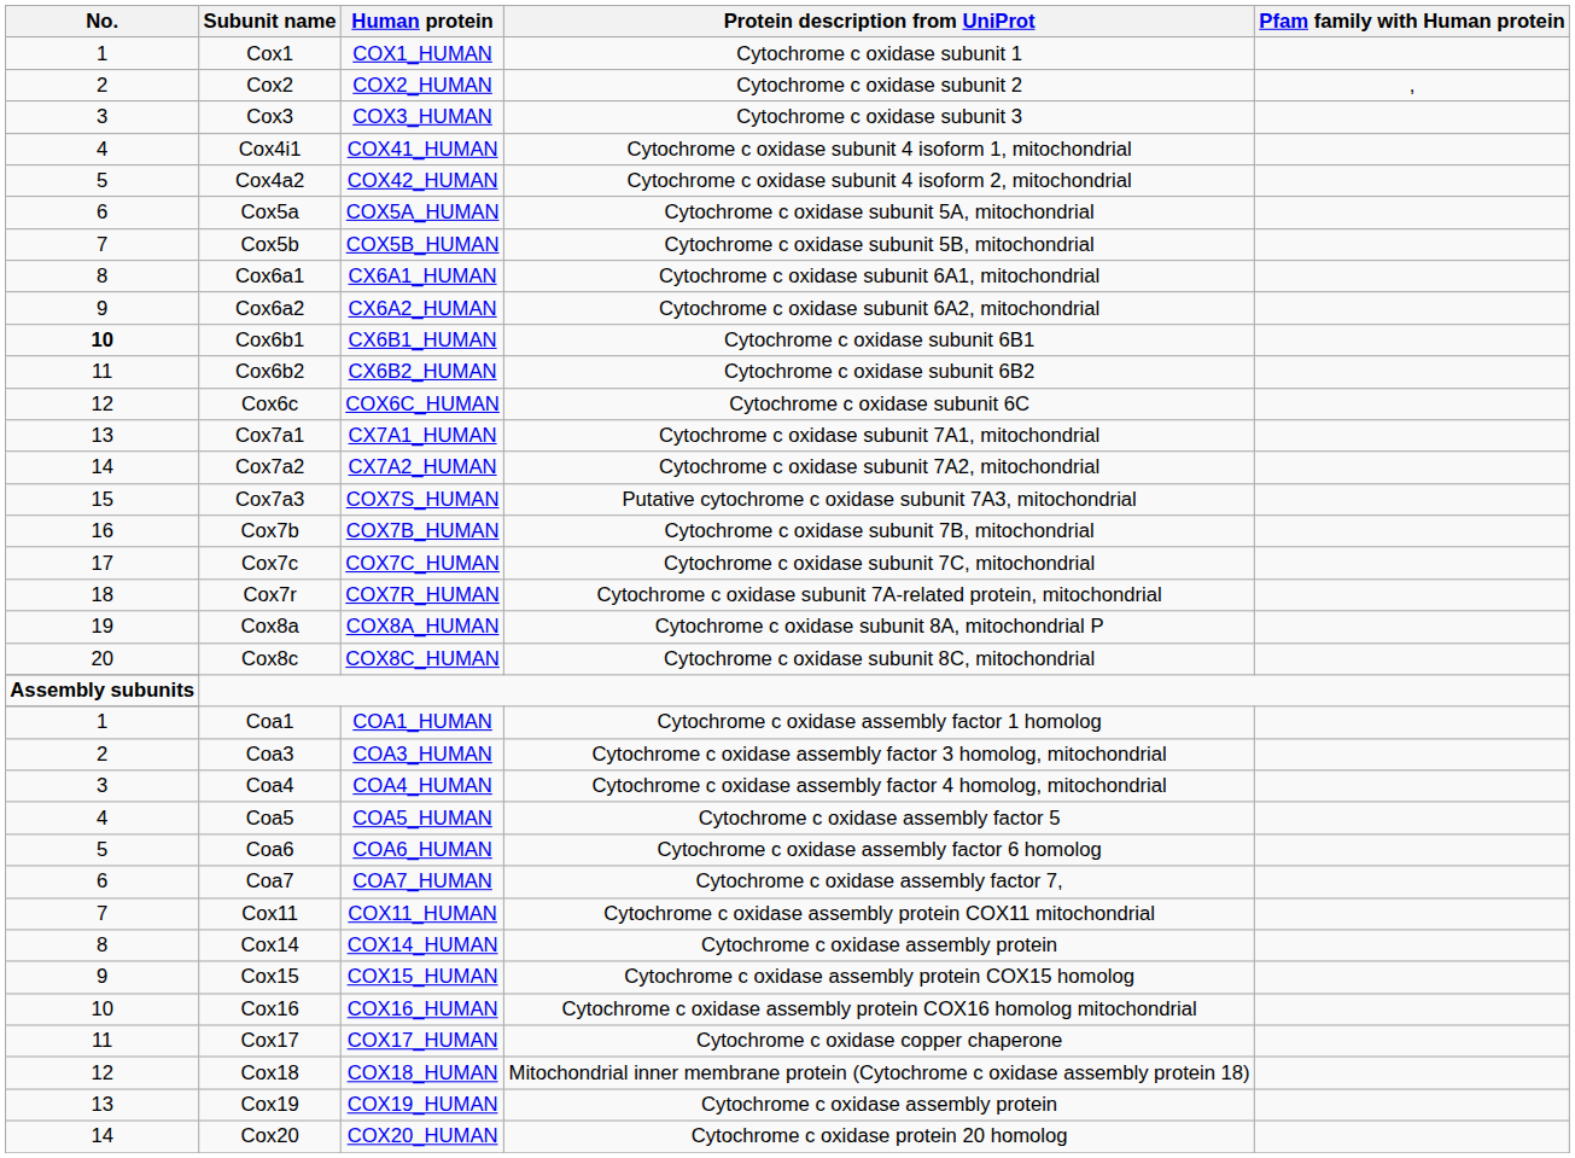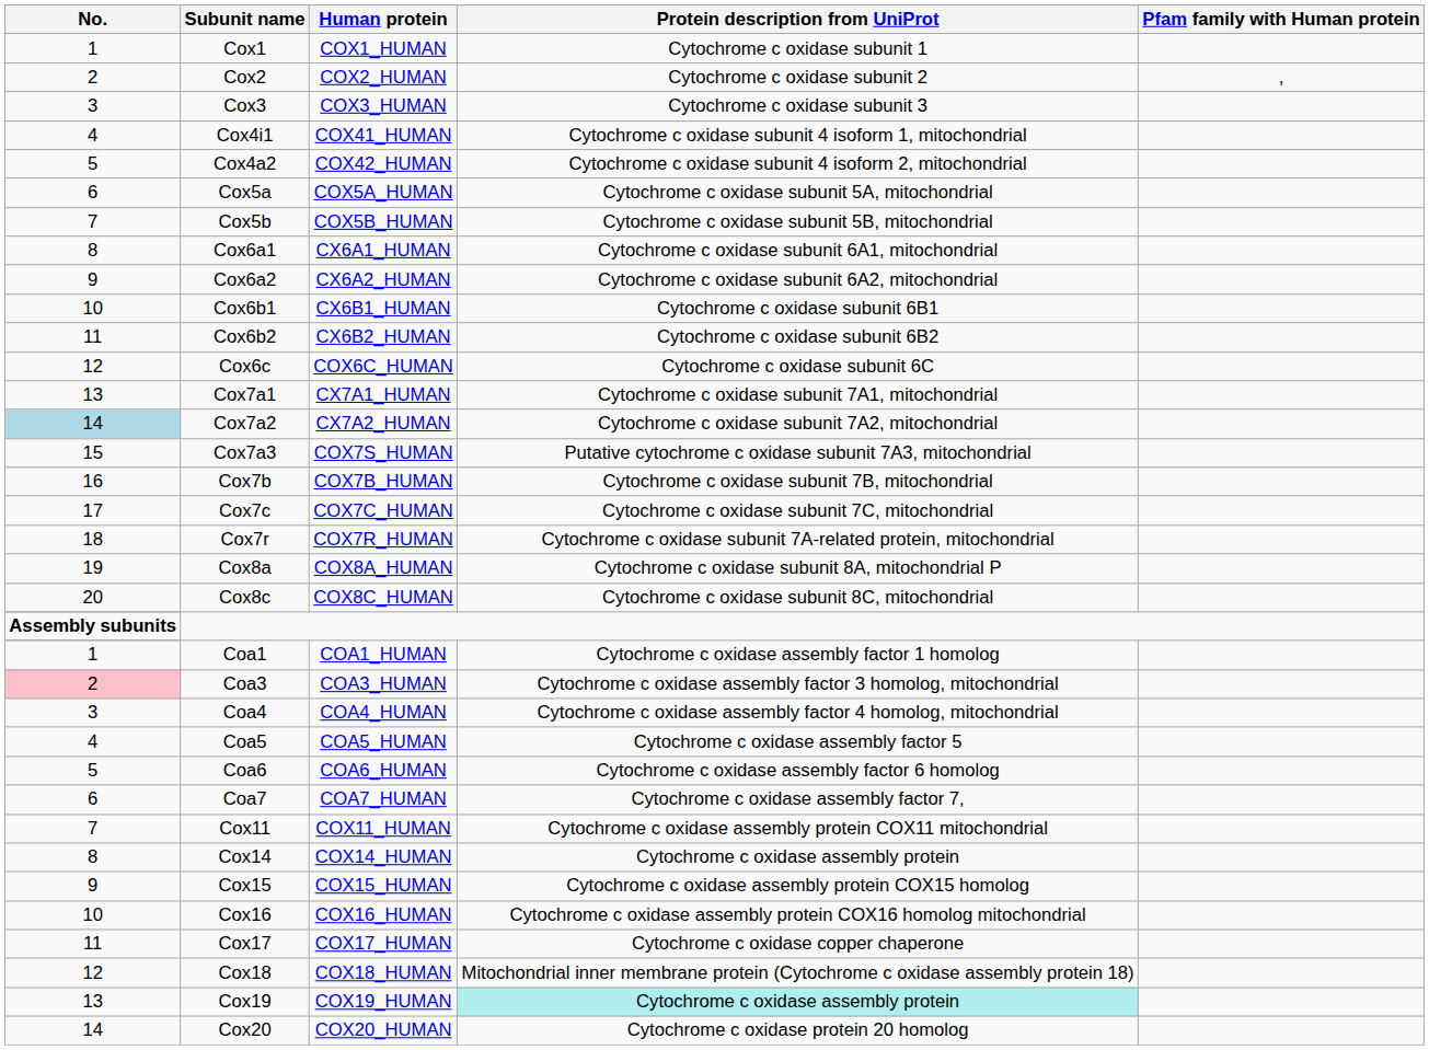 <table border=1 class="wikitable" style="text-align:center">
 <tr>
 <th><strong>No.</strong></th>
 <th>Subunit name</th>
 <th><a href='#'>Human</a> protein</th>
 <th>Protein description from <a href='#'>UniProt</a></th>
 <th><a href='#'>Pfam</a> family with Human protein</th>
 </tr>
 <tr>
 <td>1</td>
 <td>Cox1</td>
 <td><a href='#'>COX1_HUMAN</a></td>
 <td>Cytochrome c oxidase subunit 1</td>
 <td></td>
 </tr>
 <tr>
 <td>2</td>
 <td>Cox2</td>
 <td><a href='#'>COX2_HUMAN</a></td>
 <td>Cytochrome c oxidase subunit 2</td>
 <td>, </td>
 </tr>
 <tr>
 <td>3</td>
 <td>Cox3</td>
 <td><a href='#'>COX3_HUMAN</a></td>
 <td>Cytochrome c oxidase subunit 3</td>
 <td></td>
 </tr>
 <tr>
 <td>4</td>
 <td>Cox4i1</td>
 <td><a href='#'>COX41_HUMAN</a></td>
 <td>Cytochrome c oxidase subunit 4 isoform 1, mitochondrial</td>
 <td></td>
 </tr>
 <tr>
 <td>5</td>
 <td>Cox4a2</td>
 <td><a href='#'>COX42_HUMAN</a></td>
 <td>Cytochrome c oxidase subunit 4 isoform 2, mitochondrial</td>
 <td></td>
 </tr>
 <tr>
 <td>6</td>
 <td>Cox5a</td>
 <td><a href='#'> COX5A_HUMAN</a></td>
 <td>Cytochrome c oxidase subunit 5A, mitochondrial</td>
 <td></td>
 </tr>
 <tr>
 <td>7</td>
 <td>Cox5b</td>
 <td><a href='#'> COX5B_HUMAN</a></td>
 <td>Cytochrome c oxidase subunit 5B, mitochondrial</td>
 <td></td>
 </tr>
 <tr>
 <td>8</td>
 <td>Cox6a1</td>
 <td><a href='#'>CX6A1_HUMAN</a></td>
 <td>Cytochrome c oxidase subunit 6A1, mitochondrial</td>
 <td></td>
 </tr>
 <tr>
 <td>9</td>
 <td>Cox6a2</td>
 <td><a href='#'>CX6A2_HUMAN</a></td>
 <td>Cytochrome c oxidase subunit 6A2, mitochondrial</td>
 <td></td>
 </tr>
 <tr>
-<td><strong>10</strong></td>
+<td>10</td>
 <td>Cox6b1</td>
 <td><a href='#'>CX6B1_HUMAN</a></td>
 <td>Cytochrome c oxidase subunit 6B1</td>
 <td></td>
 </tr>
 <tr>
 <td>11</td>
 <td>Cox6b2</td>
 <td><a href='#'>CX6B2_HUMAN</a></td>
 <td>Cytochrome c oxidase subunit 6B2</td>
 <td></td>
 </tr>
 <tr>
 <td>12</td>
 <td>Cox6c</td>
 <td><a href='#'> COX6C_HUMAN</a></td>
 <td>Cytochrome c oxidase subunit 6C</td>
 <td></td>
 </tr>
 <tr>
 <td>13</td>
 <td>Cox7a1</td>
 <td><a href='#'>CX7A1_HUMAN</a></td>
 <td>Cytochrome c oxidase subunit 7A1, mitochondrial</td>
 <td></td>
 </tr>
 <tr>
-<td>14</td>
+<td style="background: lightblue;">14</td>
 <td>Cox7a2</td>
 <td><a href='#'>CX7A2_HUMAN</a></td>
 <td>Cytochrome c oxidase subunit 7A2, mitochondrial</td>
 <td></td>
 </tr>
 <tr>
 <td>15</td>
 <td>Cox7a3</td>
 <td><a href='#'>COX7S_HUMAN</a></td>
 <td>Putative cytochrome c oxidase subunit 7A3, mitochondrial</td>
 <td></td>
 </tr>
 <tr>
 <td>16</td>
 <td>Cox7b</td>
 <td><a href='#'> COX7B_HUMAN</a></td>
 <td>Cytochrome c oxidase subunit 7B, mitochondrial</td>
 <td></td>
 </tr>
 <tr>
 <td>17</td>
 <td>Cox7c</td>
 <td><a href='#'> COX7C_HUMAN</a></td>
 <td>Cytochrome c oxidase subunit 7C, mitochondrial</td>
 <td></td>
 </tr>
 <tr>
 <td>18</td>
 <td>Cox7r</td>
 <td><a href='#'>COX7R_HUMAN</a></td>
 <td>Cytochrome c oxidase subunit 7A-related protein, mitochondrial</td>
 <td></td>
 </tr>
 <tr>
 <td>19</td>
 <td>Cox8a</td>
 <td><a href='#'> COX8A_HUMAN</a></td>
 <td>Cytochrome c oxidase subunit 8A, mitochondrial P</td>
 <td></td>
 </tr>
 <tr>
 <td>20</td>
 <td>Cox8c</td>
 <td><a href='#'> COX8C_HUMAN</a></td>
 <td>Cytochrome c oxidase subunit 8C, mitochondrial</td>
 <td></td>
 </tr>
 <tr>
 </tr>
 <tr>
 <td><strong>Assembly subunits</strong></td>
 </tr>
 <tr>
 </tr>
 <tr>
 <td>1</td>
 <td>Coa1</td>
 <td><a href='#'> COA1_HUMAN</a></td>
 <td>Cytochrome c oxidase assembly factor 1 homolog</td>
 <td></td>
 </tr>
 <tr>
-<td>2</td>
+<td style="background: pink;">2</td>
 <td>Coa3</td>
 <td><a href='#'> COA3_HUMAN</a></td>
 <td>Cytochrome c oxidase assembly factor 3 homolog, mitochondrial</td>
 <td></td>
 </tr>
 <tr>
 <td>3</td>
 <td>Coa4</td>
 <td><a href='#'> COA4_HUMAN</a></td>
 <td>Cytochrome c oxidase assembly factor 4 homolog, mitochondrial</td>
 <td></td>
 </tr>
 <tr>
 <td>4</td>
 <td>Coa5</td>
 <td><a href='#'> COA5_HUMAN</a></td>
 <td>Cytochrome c oxidase assembly factor 5</td>
 <td></td>
 </tr>
 <tr>
 <td>5</td>
 <td>Coa6</td>
 <td><a href='#'> COA6_HUMAN</a></td>
 <td>Cytochrome c oxidase assembly factor 6 homolog</td>
 <td></td>
 </tr>
 <tr>
 <td>6</td>
 <td>Coa7</td>
 <td><a href='#'> COA7_HUMAN</a></td>
 <td>Cytochrome c oxidase assembly factor 7,</td>
 <td></td>
 </tr>
 <tr>
 <td>7</td>
 <td>Cox11</td>
 <td><a href='#'> COX11_HUMAN</a></td>
 <td>Cytochrome c oxidase assembly protein COX11 mitochondrial</td>
 <td></td>
 </tr>
 <tr>
 <td>8</td>
 <td>Cox14</td>
 <td><a href='#'> COX14_HUMAN</a></td>
 <td>Cytochrome c oxidase assembly protein</td>
 <td></td>
 </tr>
 <tr>
 <td>9</td>
 <td>Cox15</td>
 <td><a href='#'> COX15_HUMAN</a></td>
 <td>Cytochrome c oxidase assembly protein COX15 homolog</td>
 <td></td>
 </tr>
 <tr>
 <td>10</td>
 <td>Cox16</td>
 <td><a href='#'> COX16_HUMAN</a></td>
 <td>Cytochrome c oxidase assembly protein COX16 homolog mitochondrial</td>
 <td></td>
 </tr>
 <tr>
 <td>11</td>
 <td>Cox17</td>
 <td><a href='#'> COX17_HUMAN</a></td>
 <td>Cytochrome c oxidase copper chaperone</td>
 <td></td>
 </tr>
 <tr>
 <td>12</td>
 <td>Cox18</td>
 <td><a href='#'> COX18_HUMAN</a></td>
 <td>Mitochondrial inner membrane protein (Cytochrome c oxidase assembly protein 18)</td>
 <td></td>
 </tr>
 <tr>
 <td>13</td>
 <td>Cox19</td>
 <td><a href='#'> COX19_HUMAN</a></td>
-<td>Cytochrome c oxidase assembly protein</td>
+<td style="background: paleturquoise;">Cytochrome c oxidase assembly protein</td>
 <td></td>
 </tr>
 <tr>
 <td>14</td>
 <td>Cox20</td>
 <td><a href='#'> COX20_HUMAN</a></td>
 <td>Cytochrome c oxidase protein 20 homolog</td>
 <td></td>
 </tr>
 <tr>
 </tr>
 </table>
